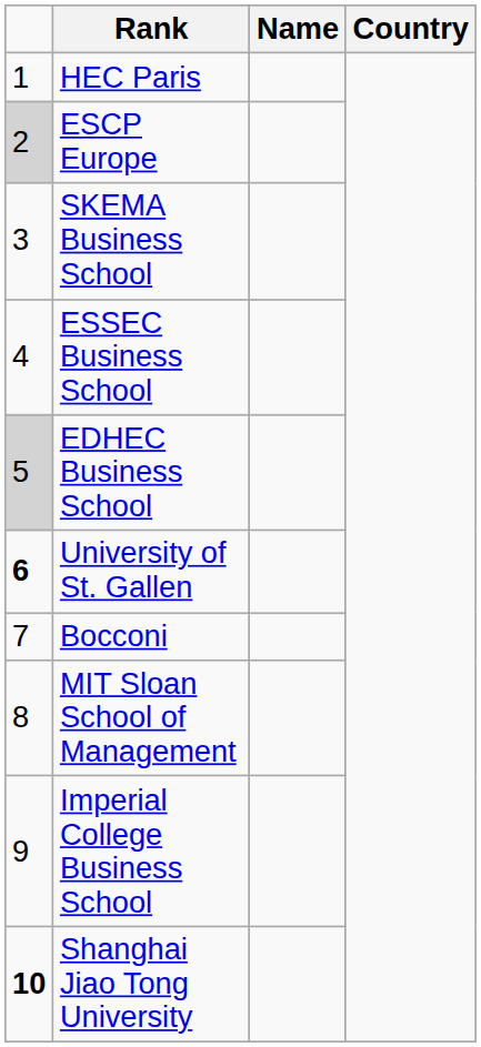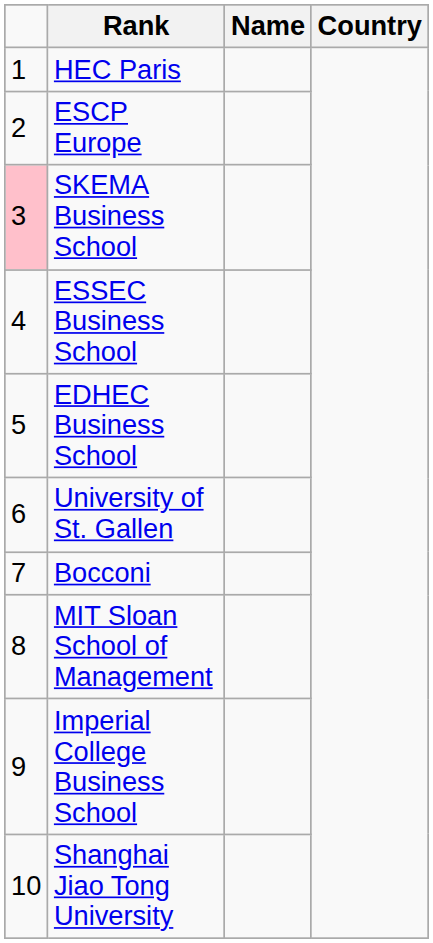 <table class="wikitable floatright"  style="width: 250px">
 <tr>
 <td></td>
 <th>Rank</th>
 <th>Name</th>
 <th>Country</th>
 </tr>
 <tr>
 <td>1</td>
 <td><a href='#'>HEC Paris</a></td>
 <td></td>
 </tr>
 <tr>
-<td style="background: lightgrey;">2</td>
+<td>2</td>
 <td><a href='#'>ESCP Europe</a></td>
 <td></td>
 </tr>
 <tr>
-<td>3</td>
+<td style="background: pink;">3</td>
 <td><a href='#'>SKEMA Business School</a></td>
 <td></td>
 </tr>
 <tr>
 <td>4</td>
 <td><a href='#'>ESSEC Business School</a></td>
 <td></td>
 </tr>
 <tr>
-<td style="background: lightgrey;">5</td>
+<td>5</td>
 <td><a href='#'>EDHEC Business School</a></td>
 <td></td>
 </tr>
 <tr>
-<td><strong>6</strong></td>
+<td>6</td>
 <td><a href='#'>University of St. Gallen</a></td>
 <td></td>
 </tr>
 <tr>
 <td>7</td>
 <td><a href='#'>Bocconi</a></td>
 <td></td>
 </tr>
 <tr>
 <td>8</td>
 <td><a href='#'>MIT Sloan School of Management</a></td>
 <td></td>
 </tr>
 <tr>
 <td>9</td>
 <td><a href='#'>Imperial College Business School</a></td>
 <td></td>
 </tr>
 <tr>
-<td><strong>10</strong></td>
+<td>10</td>
 <td><a href='#'>Shanghai Jiao Tong University</a></td>
 <td></td>
 </tr>
 </table>
